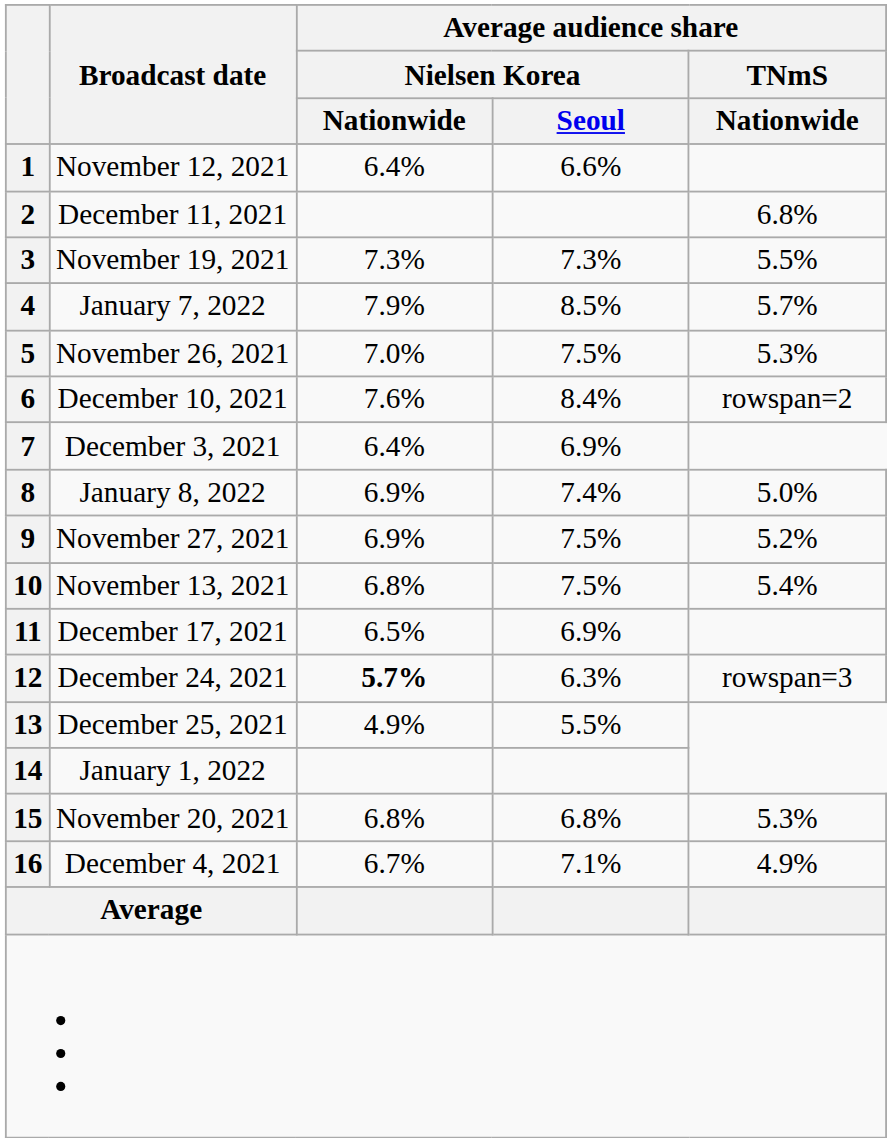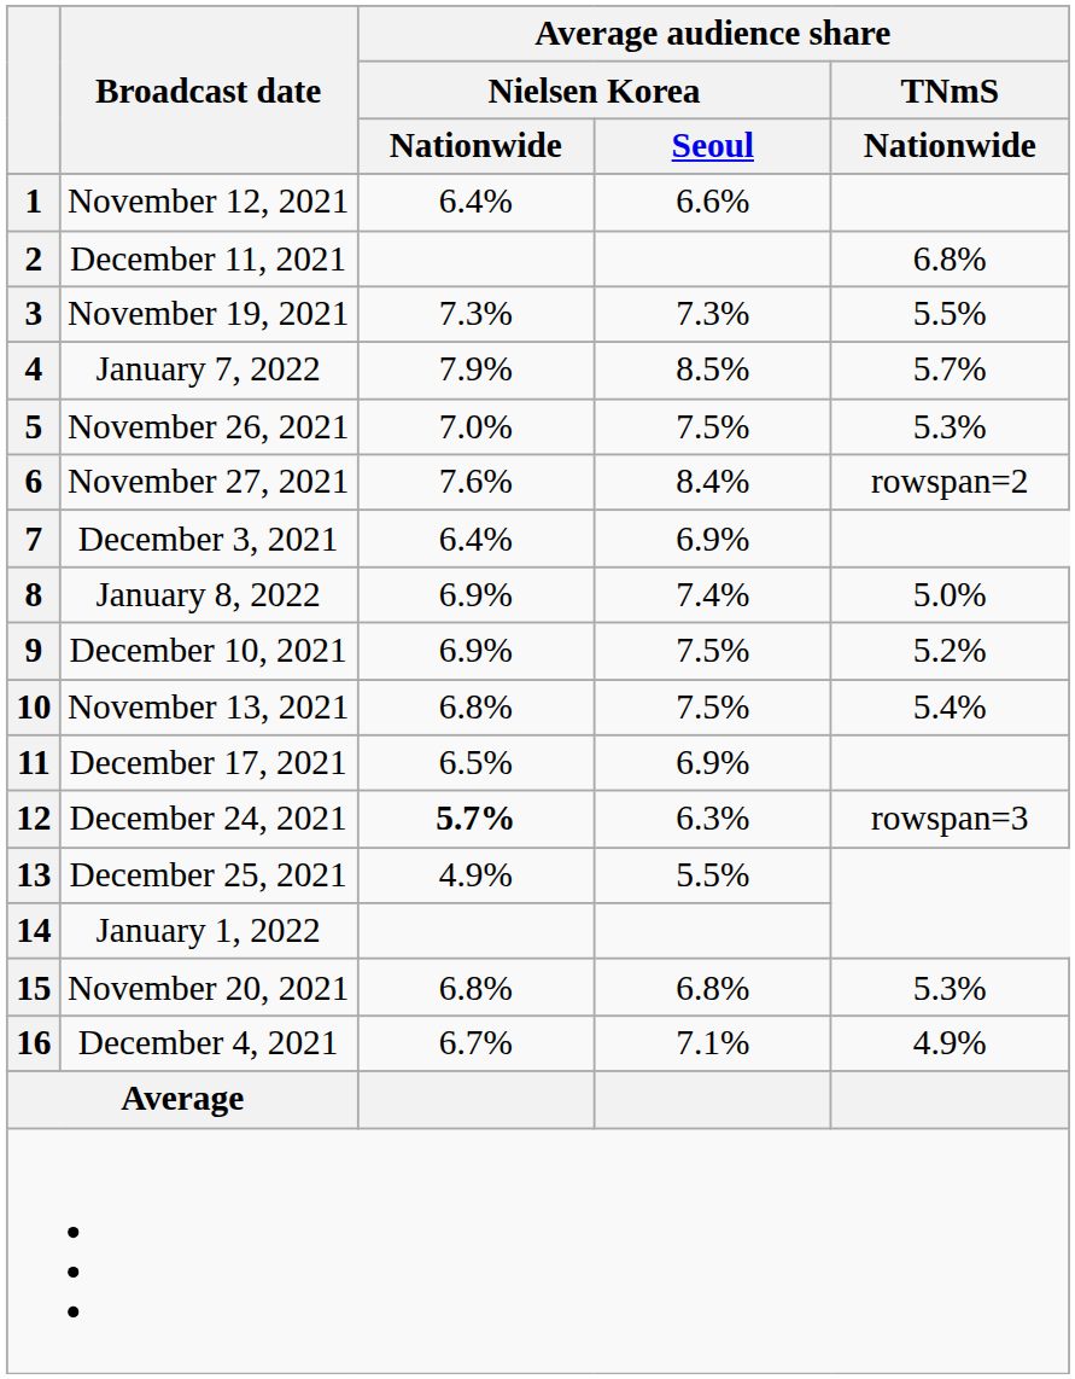 <table class="wikitable" style="text-align:center; max-width:600px; margin-left: auto; margin-right: auto; border: none;">
 <tr>
 <th rowspan="3"></th>
 <th rowspan="3">Broadcast date</th>
 <th colspan="3">Average audience share</th>
 </tr>
 <tr>
 <th colspan="2">Nielsen Korea</th>
 <th>TNmS</th>
 </tr>
 <tr>
 <th width="100">Nationwide</th>
 <th width="100"><a href='#'>Seoul</a></th>
 <th width="100">Nationwide</th>
 </tr>
 <tr>
 <th>1</th>
 <td>November 12, 2021</td>
 <td>6.4% </td>
 <td>6.6% </td>
 <td></td>
 </tr>
 <tr>
 <th>2</th>
 <td>December 11, 2021</td>
 <td> </td>
 <td> </td>
 <td>6.8% </td>
 </tr>
 <tr>
 <th>3</th>
 <td>November 19, 2021</td>
 <td>7.3% </td>
 <td>7.3% </td>
 <td>5.5% </td>
 </tr>
 <tr>
 <th>4</th>
 <td>January 7, 2022</td>
 <td>7.9% </td>
 <td>8.5% </td>
 <td>5.7% </td>
 </tr>
 <tr>
 <th>5</th>
 <td>November 26, 2021</td>
 <td>7.0% </td>
 <td>7.5% </td>
 <td>5.3% </td>
 </tr>
 <tr>
 <th>6</th>
-<td>December 10, 2021</td>
+<td>November 27, 2021</td>
 <td>7.6% </td>
 <td>8.4% </td>
 <td>rowspan=2</td>
 </tr>
 <tr>
 <th>7</th>
 <td>December 3, 2021</td>
 <td>6.4% </td>
 <td>6.9% </td>
 </tr>
 <tr>
 <th>8</th>
 <td>January 8, 2022</td>
 <td>6.9% </td>
 <td>7.4% </td>
 <td>5.0%</td>
 </tr>
 <tr>
 <th>9</th>
-<td>November 27, 2021</td>
+<td>December 10, 2021</td>
 <td>6.9% </td>
 <td>7.5% </td>
 <td>5.2% </td>
 </tr>
 <tr>
 <th>10</th>
 <td>November 13, 2021</td>
 <td>6.8% </td>
 <td>7.5% </td>
 <td>5.4% </td>
 </tr>
 <tr>
 <th>11</th>
 <td>December 17, 2021</td>
 <td>6.5% </td>
 <td>6.9% </td>
 <td> </td>
 </tr>
 <tr>
 <th>12</th>
 <td>December 24, 2021</td>
 <td><strong>5.7% </strong></td>
 <td>6.3% </td>
 <td>rowspan=3</td>
 </tr>
 <tr>
 <th>13</th>
 <td>December 25, 2021</td>
 <td>4.9% </td>
 <td>5.5% </td>
 </tr>
 <tr>
 <th>14</th>
 <td>January 1, 2022</td>
 <td> </td>
 <td> </td>
 </tr>
 <tr>
 <th>15</th>
 <td>November 20, 2021</td>
 <td>6.8% </td>
 <td>6.8% </td>
 <td>5.3% </td>
 </tr>
 <tr>
 <th>16</th>
 <td>December 4, 2021</td>
 <td>6.7% </td>
 <td>7.1% </td>
 <td>4.9% </td>
 </tr>
 <tr>
 <th colspan="2">Average</th>
 <th scope="col"></th>
 <th scope="col"></th>
 <th scope="col"></th>
 </tr>
 <tr>
 <td colspan="6"><br><ul><li></li><li></li><li></li></ul></td>
 </tr>
 </table>
